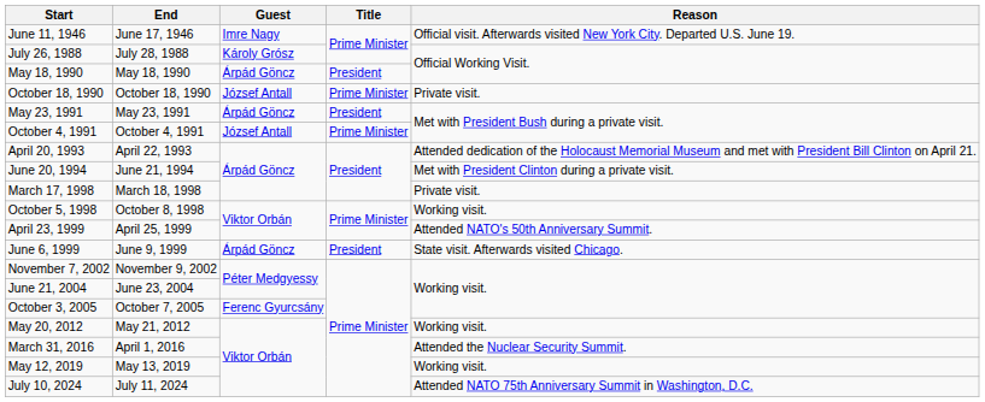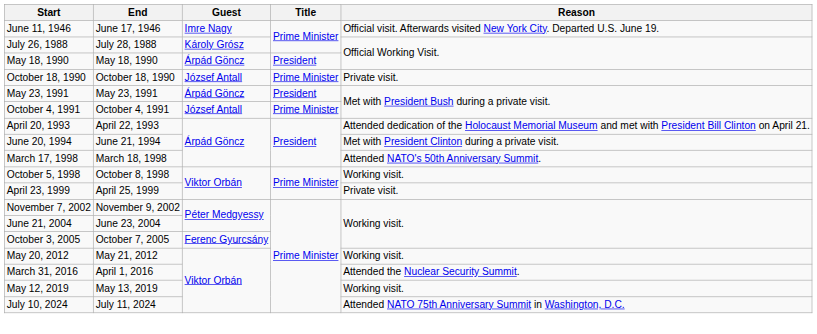 <table class="wikitable sortable">
 <tr>
 <th>Start</th>
 <th>End</th>
 <th>Guest</th>
 <th>Title</th>
 <th>Reason</th>
 </tr>
 <tr>
 <td>June 11, 1946</td>
 <td>June 17, 1946</td>
 <td><a href='#'>Imre Nagy</a></td>
 <td rowspan="2"><a href='#'>Prime Minister</a></td>
 <td>Official visit. Afterwards visited <a href='#'>New York City</a>. Departed U.S. June 19.</td>
 </tr>
 <tr>
 <td>July 26, 1988</td>
 <td>July 28, 1988</td>
 <td><a href='#'>Károly Grósz</a></td>
 <td rowspan=2>Official Working Visit.</td>
 </tr>
 <tr>
 <td>May 18, 1990</td>
 <td>May 18, 1990</td>
 <td><a href='#'>Árpád Göncz</a></td>
 <td><a href='#'>President</a></td>
 </tr>
 <tr>
 <td>October 18, 1990</td>
 <td>October 18, 1990</td>
 <td><a href='#'>József Antall</a></td>
 <td><a href='#'>Prime Minister</a></td>
 <td>Private visit.</td>
 </tr>
 <tr>
 <td>May 23, 1991</td>
 <td>May 23, 1991</td>
 <td><a href='#'>Árpád Göncz</a></td>
 <td><a href='#'>President</a></td>
 <td rowspan=2>Met with <a href='#'>President Bush</a> during a private visit.</td>
 </tr>
 <tr>
 <td>October 4, 1991</td>
 <td>October 4, 1991</td>
 <td><a href='#'>József Antall</a></td>
 <td><a href='#'>Prime Minister</a></td>
 </tr>
 <tr>
 <td>April 20, 1993</td>
 <td>April 22, 1993</td>
 <td rowspan=3><a href='#'>Árpád Göncz</a></td>
 <td rowspan="3"><a href='#'>President</a></td>
 <td>Attended dedication of the <a href='#'>Holocaust Memorial Museum</a> and met with <a href='#'>President Bill Clinton</a> on April 21.</td>
 </tr>
 <tr>
 <td>June 20, 1994</td>
 <td>June 21, 1994</td>
 <td>Met with <a href='#'>President Clinton</a> during a private visit.</td>
 </tr>
 <tr>
 <td>March 17, 1998</td>
 <td>March 18, 1998</td>
-<td>Private visit.</td>
+<td>Attended <a href='#'>NATO's 50th Anniversary Summit</a>.</td>
 </tr>
 <tr>
 <td>October 5, 1998</td>
 <td>October 8, 1998</td>
 <td rowspan=2><a href='#'>Viktor Orbán</a></td>
 <td rowspan="2"><a href='#'>Prime Minister</a></td>
 <td>Working visit.</td>
 </tr>
 <tr>
 <td>April 23, 1999</td>
 <td>April 25, 1999</td>
-<td>Attended <a href='#'>NATO's 50th Anniversary Summit</a>.</td>
-</tr>
-<tr>
-<td>June 6, 1999</td>
-<td>June 9, 1999</td>
-<td><a href='#'>Árpád Göncz</a></td>
-<td><a href='#'>President</a></td>
-<td>State visit. Afterwards visited <a href='#'>Chicago</a>.</td>
+<td>Private visit.</td>
 </tr>
 <tr>
 <td>November 7, 2002</td>
 <td>November 9, 2002</td>
 <td rowspan=2><a href='#'>Péter Medgyessy</a></td>
 <td rowspan="7"><a href='#'>Prime Minister</a></td>
 <td rowspan=3>Working visit.</td>
 </tr>
 <tr>
 <td>June 21, 2004</td>
 <td>June 23, 2004</td>
 </tr>
 <tr>
 <td>October 3, 2005</td>
 <td>October 7, 2005</td>
 <td><a href='#'>Ferenc Gyurcsány</a></td>
 </tr>
 <tr>
 <td>May 20, 2012</td>
 <td>May 21, 2012</td>
 <td rowspan="4"><a href='#'>Viktor Orbán</a></td>
 <td>Working visit.</td>
 </tr>
 <tr>
 <td>March 31, 2016</td>
 <td>April 1, 2016</td>
 <td>Attended the <a href='#'>Nuclear Security Summit</a>.</td>
 </tr>
 <tr>
 <td>May 12, 2019</td>
 <td>May 13, 2019</td>
 <td>Working visit.</td>
 </tr>
 <tr>
 <td>July 10, 2024</td>
 <td>July 11, 2024</td>
 <td>Attended <a href='#'>NATO 75th Anniversary Summit</a> in <a href='#'>Washington, D.C.</a></td>
 </tr>
 </table>
